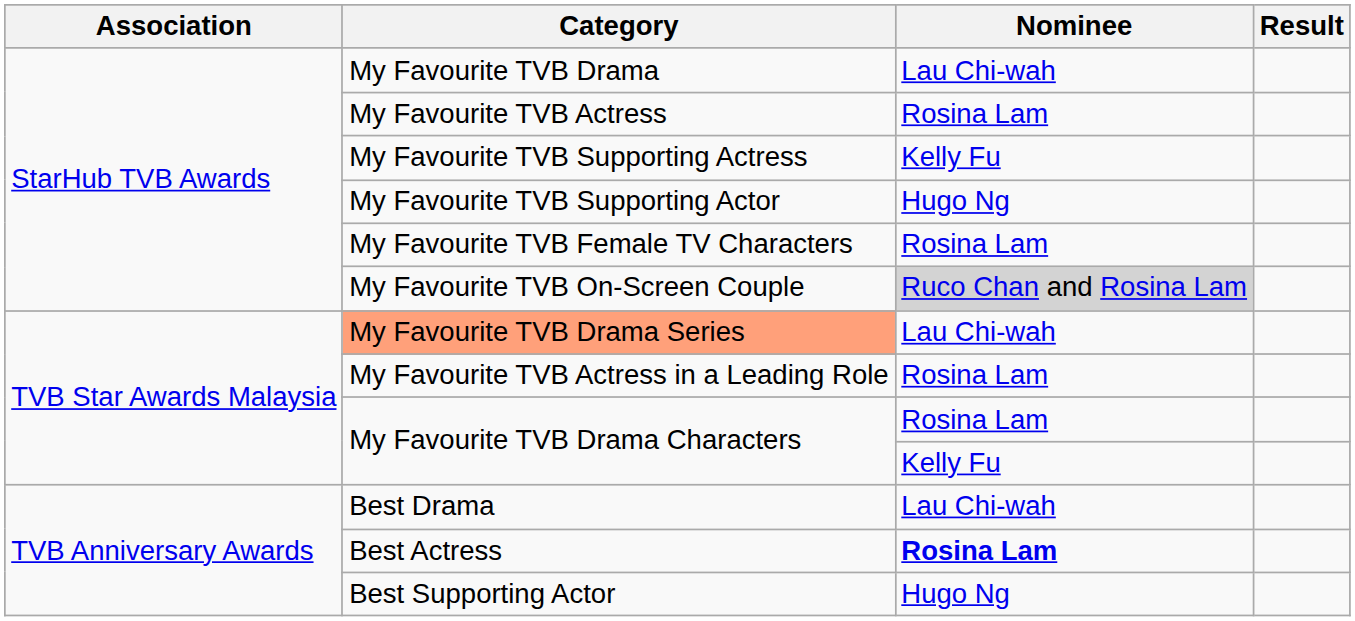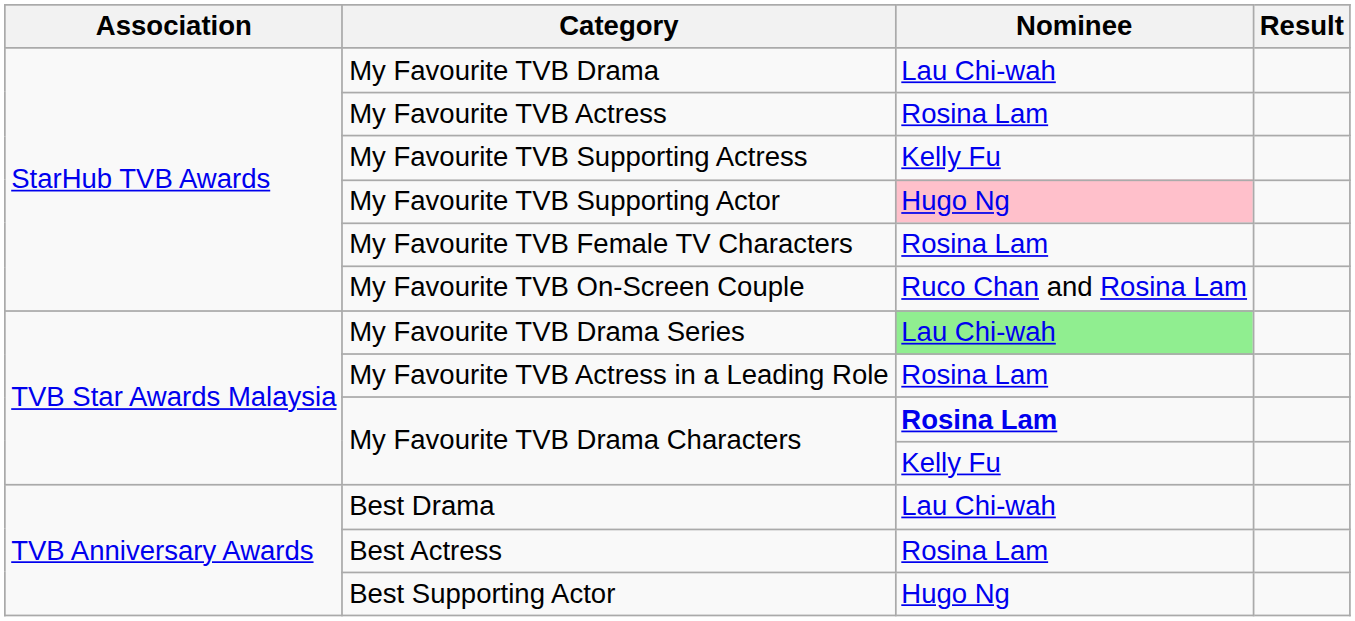 <table class="wikitable sortable">
 <tr>
 <th>Association</th>
 <th>Category</th>
 <th>Nominee</th>
 <th>Result</th>
 </tr>
 <tr>
 <td rowspan=6><a href='#'>StarHub TVB Awards</a></td>
 <td>My Favourite TVB Drama</td>
 <td><a href='#'>Lau Chi-wah</a></td>
 <td></td>
 </tr>
 <tr>
 <td>My Favourite TVB Actress</td>
 <td><a href='#'>Rosina Lam</a></td>
 <td></td>
 </tr>
 <tr>
 <td>My Favourite TVB Supporting Actress</td>
 <td><a href='#'>Kelly Fu</a></td>
 <td></td>
 </tr>
 <tr>
 <td>My Favourite TVB Supporting Actor</td>
-<td><a href='#'>Hugo Ng</a></td>
+<td style="background: pink;"><a href='#'>Hugo Ng</a></td>
 <td></td>
 </tr>
 <tr>
 <td>My Favourite TVB Female TV Characters</td>
 <td><a href='#'>Rosina Lam</a></td>
 <td></td>
 </tr>
 <tr>
 <td>My Favourite TVB On-Screen Couple</td>
-<td style="background: lightgrey;"><a href='#'>Ruco Chan</a> and <a href='#'>Rosina Lam</a></td>
+<td><a href='#'>Ruco Chan</a> and <a href='#'>Rosina Lam</a></td>
 <td></td>
 </tr>
 <tr>
 <td rowspan=4><a href='#'>TVB Star Awards Malaysia</a></td>
-<td style="background: lightsalmon;">My Favourite TVB Drama Series</td>
-<td><a href='#'>Lau Chi-wah</a></td>
+<td>My Favourite TVB Drama Series</td>
+<td style="background: lightgreen;"><a href='#'>Lau Chi-wah</a></td>
 <td></td>
 </tr>
 <tr>
 <td>My Favourite TVB Actress in a Leading Role</td>
 <td><a href='#'>Rosina Lam</a></td>
 <td></td>
 </tr>
 <tr>
 <td rowspan=2>My Favourite TVB Drama Characters</td>
-<td><a href='#'>Rosina Lam</a></td>
+<td><strong><a href='#'>Rosina Lam</a></strong></td>
 <td></td>
 </tr>
 <tr>
 <td><a href='#'>Kelly Fu</a></td>
 <td></td>
 </tr>
 <tr>
 <td rowspan=3><a href='#'>TVB Anniversary Awards</a></td>
 <td>Best Drama</td>
 <td><a href='#'>Lau Chi-wah</a></td>
 <td></td>
 </tr>
 <tr>
 <td>Best Actress</td>
-<td><strong><a href='#'>Rosina Lam</a></strong></td>
+<td><a href='#'>Rosina Lam</a></td>
 <td></td>
 </tr>
 <tr>
 <td>Best Supporting Actor</td>
 <td><a href='#'>Hugo Ng</a></td>
 <td></td>
 </tr>
 </table>
